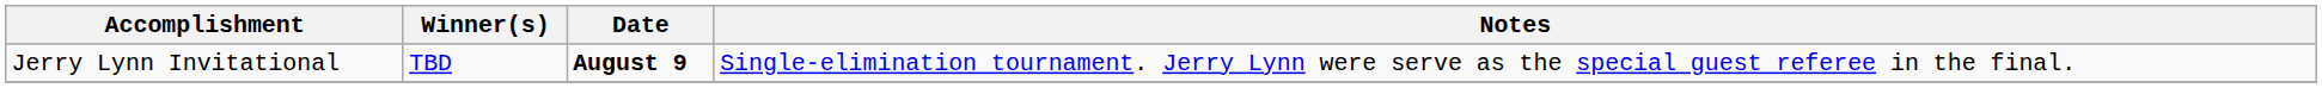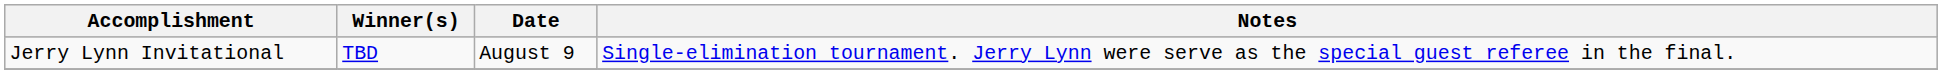 <table class="wikitable" style="width:100%;">
 <tr>
 <th>Accomplishment</th>
 <th>Winner(s)</th>
 <th>Date</th>
 <th>Notes</th>
 </tr>
 <tr>
 <td>Jerry Lynn Invitational</td>
 <td><a href='#'>TBD</a></td>
-<td><strong>August 9</strong></td>
+<td>August 9</td>
 <td><a href='#'>Single-elimination tournament</a>. <a href='#'>Jerry Lynn</a> were serve as the <a href='#'>special guest referee</a> in the final.</td>
 </tr>
 <tr>
 </tr>
 </table>
